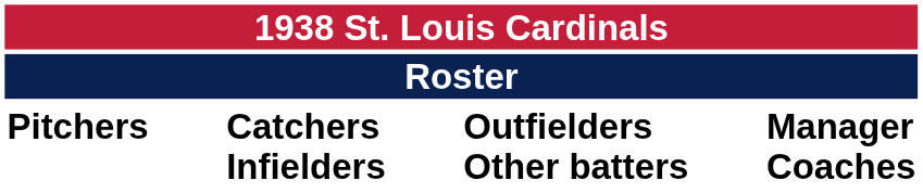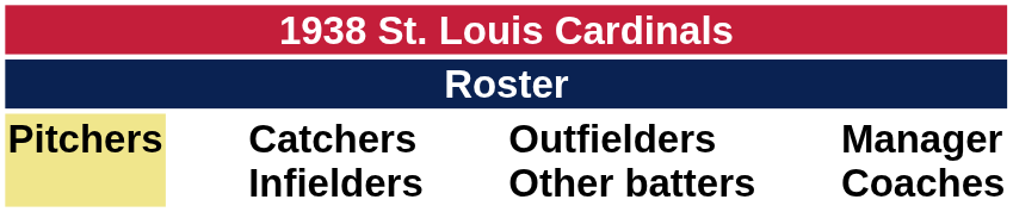 <table class="toccolours" style="font-size: 95%;">
 <tr>
 <th colspan="10" style="background-color: #c41e3a; color: white; text-align: center;">1938 St. Louis Cardinals</th>
 </tr>
 <tr>
 <td colspan="10" style="background-color: #0a2252; color: white; text-align: center;"><strong>Roster</strong></td>
 </tr>
 <tr>
-<td valign="top"><strong>Pitchers</strong><br>               </td>
+<td valign="top" style="background: khaki;"><strong>Pitchers</strong><br>               </td>
 <td width="25px"></td>
 <td valign="top"><strong>Catchers</strong><br>  <strong>Infielders</strong>        </td>
 <td width="25px"></td>
 <td valign="top"><strong>Outfielders</strong><br>        <strong>Other batters</strong> </td>
 <td width="25px"></td>
 <td valign="top"><strong>Manager</strong><br>  <strong>Coaches</strong>  </td>
 </tr>
 </table>
